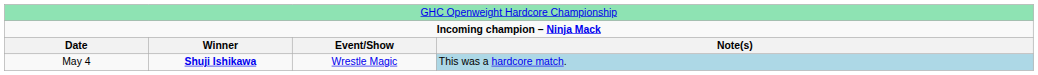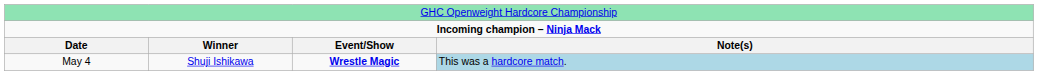 <table class="wikitable" style="text-align:center; width:100%;">
 <tr style="background:#8ee3b3;">
 <td colspan="4" style="text-align: center;"><a href='#'>GHC Openweight Hardcore Championship</a></td>
 </tr>
 <tr>
 <td colspan="4" style="text-align: center;"><strong>Incoming champion – <a href='#'>Ninja Mack</a></strong></td>
 </tr>
 <tr>
 <th width=14%>Date</th>
 <th width=14%>Winner</th>
 <th width=14%>Event/Show</th>
 <th width=58%>Note(s)</th>
 </tr>
 <tr>
 <td>May 4</td>
-<td><strong><a href='#'>Shuji Ishikawa</a></strong></td>
-<td><a href='#'>Wrestle Magic</a><br></td>
+<td><a href='#'>Shuji Ishikawa</a></td>
+<td><strong><a href='#'>Wrestle Magic</a><br></strong></td>
 <td align=left style="background: lightblue;">This was a <a href='#'>hardcore match</a>.</td>
 </tr>
 </table>
